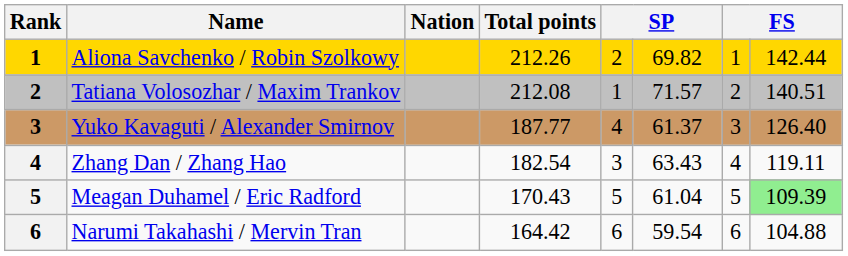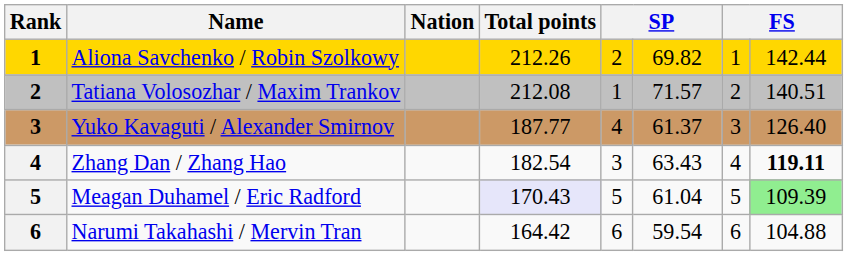 <table class="wikitable sortable">
 <tr>
 <th>Rank</th>
 <th>Name</th>
 <th>Nation</th>
 <th>Total points</th>
 <th colspan="2" width="80px"><a href='#'>SP</a></th>
 <th colspan="2" width="80px"><a href='#'>FS</a></th>
 </tr>
 <tr bgcolor="gold">
 <td align="center"><strong>1</strong></td>
 <td><a href='#'>Aliona Savchenko</a> / <a href='#'>Robin Szolkowy</a></td>
 <td></td>
 <td align="center">212.26</td>
 <td align="center">2</td>
 <td align="center">69.82</td>
 <td align="center">1</td>
 <td align="center">142.44</td>
 </tr>
 <tr bgcolor="silver">
 <td align="center"><strong>2</strong></td>
 <td><a href='#'>Tatiana Volosozhar</a> / <a href='#'>Maxim Trankov</a></td>
 <td></td>
 <td align="center">212.08</td>
 <td align="center">1</td>
 <td align="center">71.57</td>
 <td align="center">2</td>
 <td align="center">140.51</td>
 </tr>
 <tr bgcolor="cc9966">
 <td align="center"><strong>3</strong></td>
 <td><a href='#'>Yuko Kavaguti</a> / <a href='#'>Alexander Smirnov</a></td>
 <td></td>
 <td align="center">187.77</td>
 <td align="center">4</td>
 <td align="center">61.37</td>
 <td align="center">3</td>
 <td align="center">126.40</td>
 </tr>
 <tr>
 <th>4</th>
 <td><a href='#'>Zhang Dan</a> / <a href='#'>Zhang Hao</a></td>
 <td></td>
 <td align="center">182.54</td>
 <td align="center">3</td>
 <td align="center">63.43</td>
 <td align="center">4</td>
-<td align="center">119.11</td>
+<td align="center"><strong>119.11</strong></td>
 </tr>
 <tr>
 <th>5</th>
 <td><a href='#'>Meagan Duhamel</a> / <a href='#'>Eric Radford</a></td>
 <td></td>
-<td align="center">170.43</td>
+<td align="center" style="background: lavender;">170.43</td>
 <td align="center">5</td>
 <td align="center">61.04</td>
 <td align="center">5</td>
 <td align="center" style="background: lightgreen;">109.39</td>
 </tr>
 <tr>
 <th>6</th>
 <td><a href='#'>Narumi Takahashi</a> / <a href='#'>Mervin Tran</a></td>
 <td></td>
 <td align="center">164.42</td>
 <td align="center">6</td>
 <td align="center">59.54</td>
 <td align="center">6</td>
 <td align="center">104.88</td>
 </tr>
 </table>
